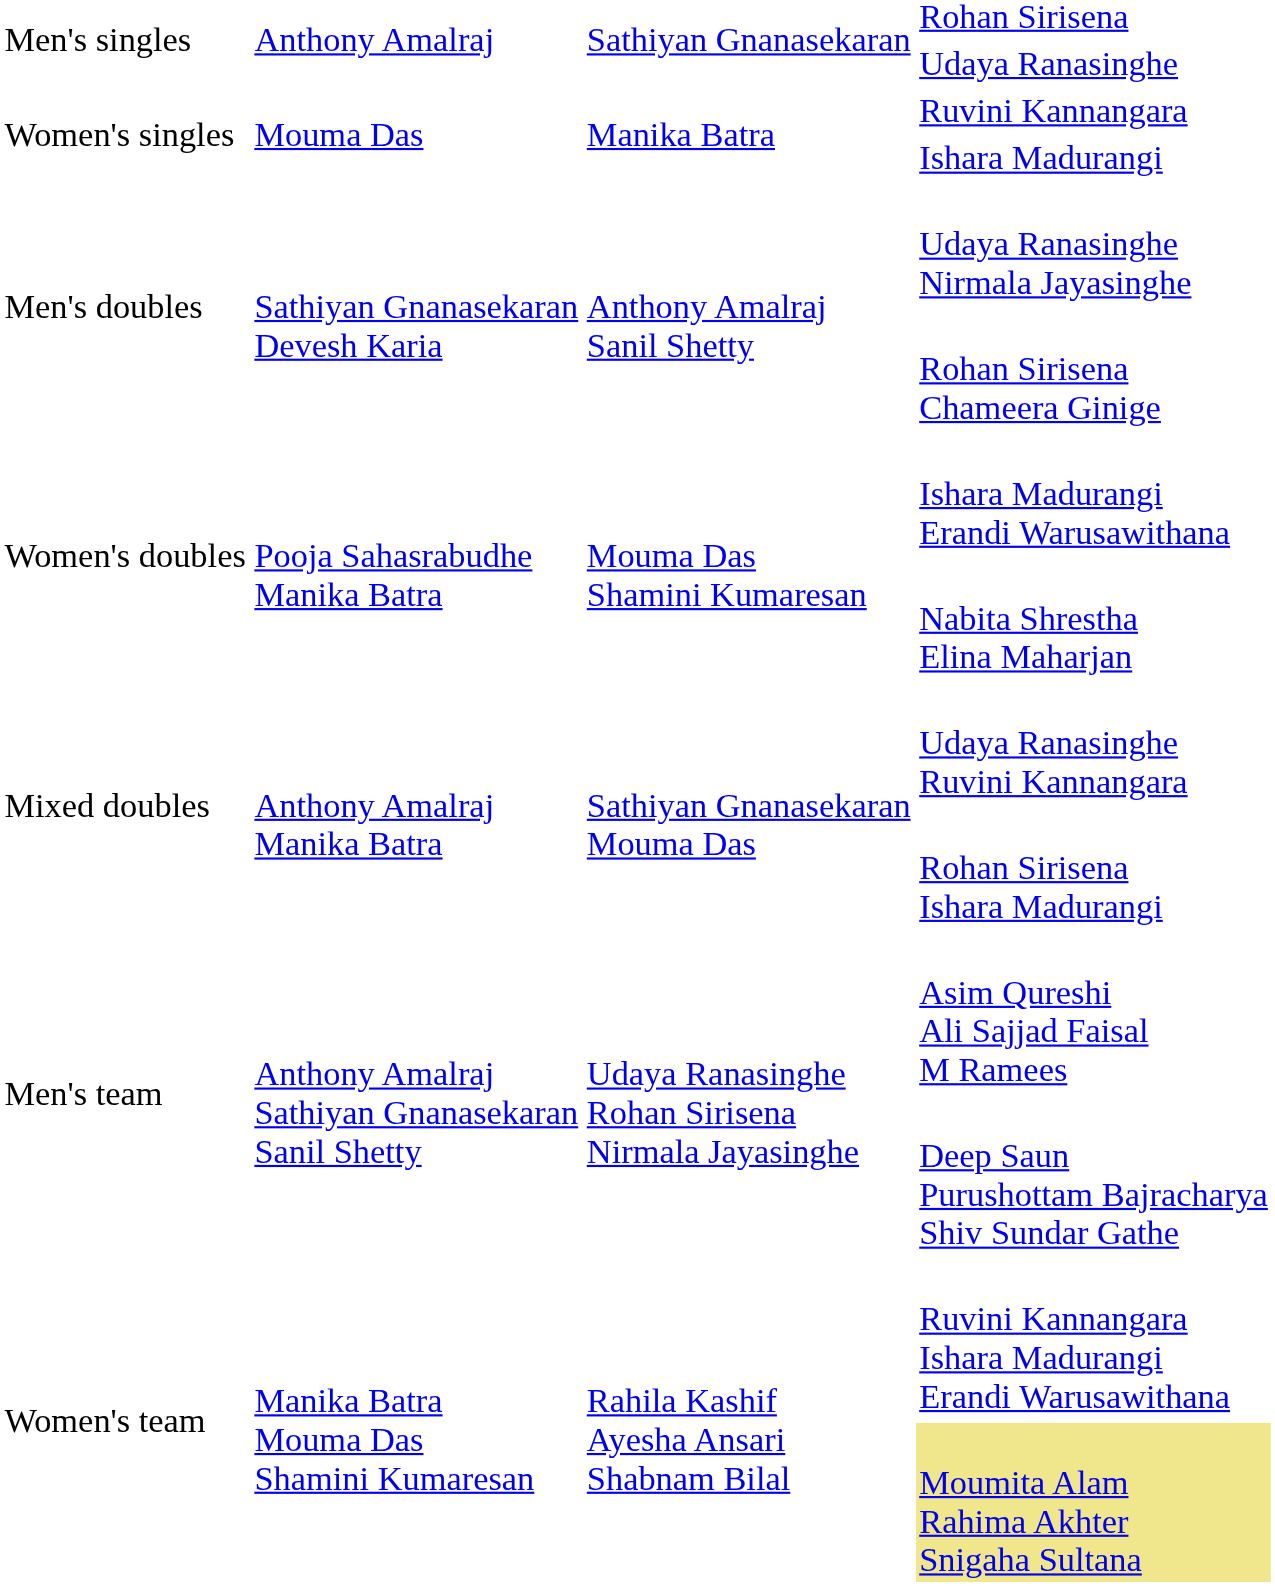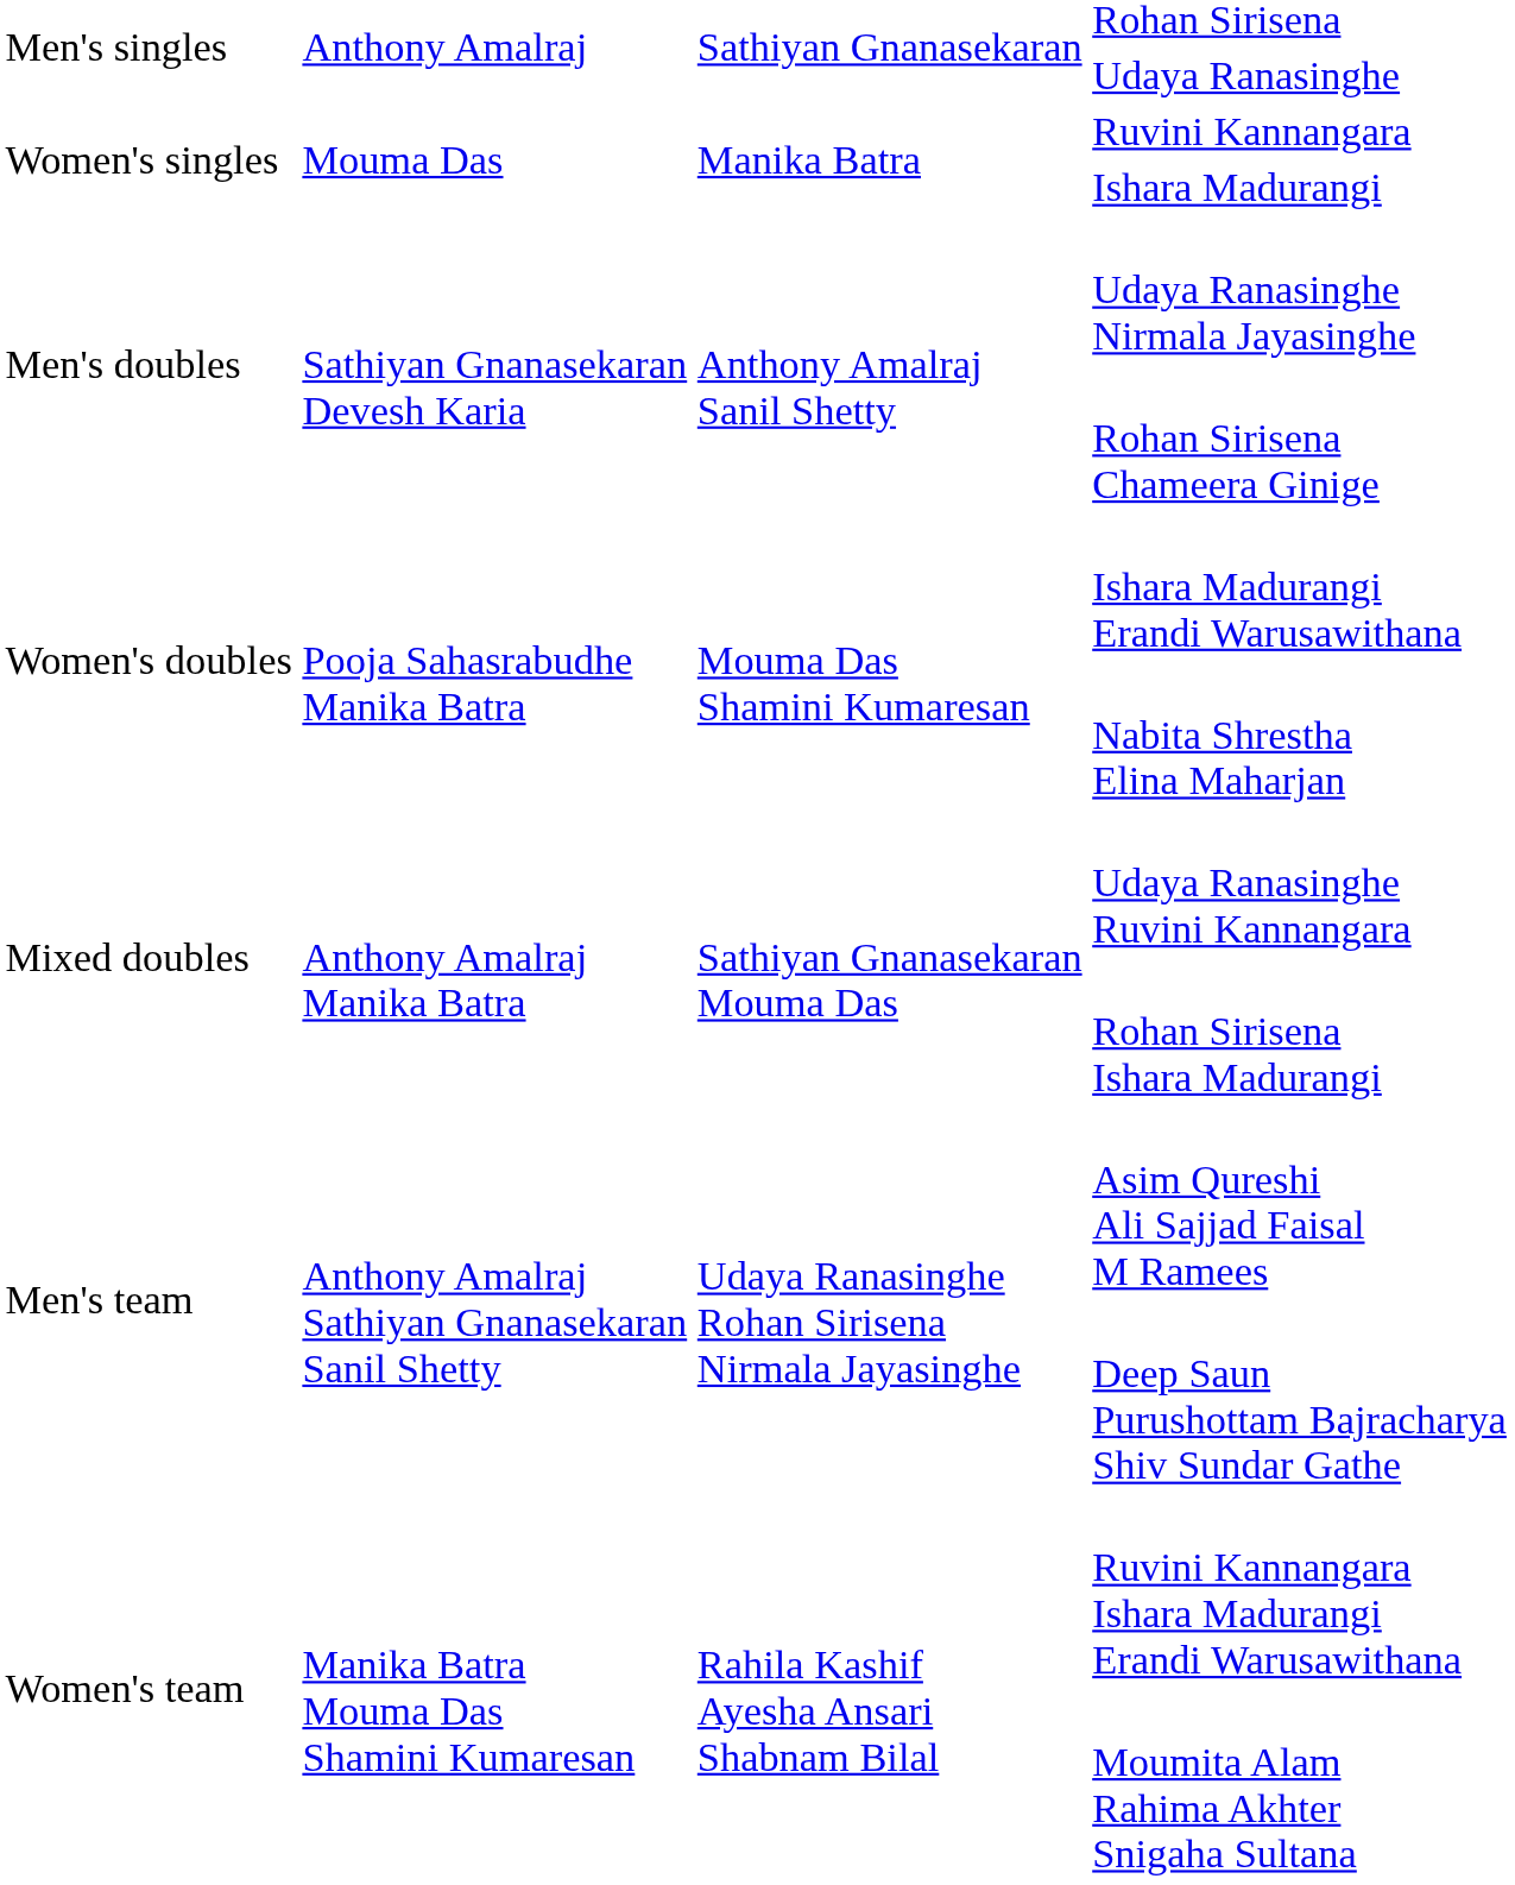 <table>
 <tr>
 <td rowspan=2>Men's singles</td>
 <td rowspan=2> <a href='#'>Anthony Amalraj</a></td>
 <td rowspan=2> <a href='#'>Sathiyan Gnanasekaran</a></td>
 <td> <a href='#'>Rohan Sirisena</a></td>
 </tr>
 <tr>
 <td> <a href='#'>Udaya Ranasinghe</a></td>
 </tr>
 <tr>
 <td rowspan=2>Women's singles</td>
 <td rowspan=2> <a href='#'>Mouma Das</a></td>
 <td rowspan=2> <a href='#'>Manika Batra</a></td>
 <td> <a href='#'>Ruvini Kannangara</a></td>
 </tr>
 <tr>
 <td> <a href='#'>Ishara Madurangi</a></td>
 </tr>
 <tr>
 <td rowspan=2>Men's doubles</td>
 <td rowspan=2><br><a href='#'>Sathiyan Gnanasekaran</a><br><a href='#'>Devesh Karia</a></td>
 <td rowspan=2><br><a href='#'>Anthony Amalraj</a><br><a href='#'>Sanil Shetty</a></td>
 <td><br><a href='#'>Udaya Ranasinghe</a><br><a href='#'>Nirmala Jayasinghe</a></td>
 </tr>
 <tr>
 <td><br><a href='#'>Rohan Sirisena</a><br><a href='#'>Chameera Ginige</a></td>
 </tr>
 <tr>
 <td rowspan=2>Women's doubles</td>
 <td rowspan=2><br><a href='#'>Pooja Sahasrabudhe</a><br><a href='#'>Manika Batra</a></td>
 <td rowspan=2><br><a href='#'>Mouma Das</a><br><a href='#'>Shamini Kumaresan</a></td>
 <td><br><a href='#'>Ishara Madurangi</a><br><a href='#'>Erandi Warusawithana</a></td>
 </tr>
 <tr>
 <td><br><a href='#'>Nabita Shrestha</a><br><a href='#'>Elina Maharjan</a></td>
 </tr>
 <tr>
 <td rowspan=2>Mixed doubles</td>
 <td rowspan=2><br><a href='#'>Anthony Amalraj</a><br><a href='#'>Manika Batra</a></td>
 <td rowspan=2><br><a href='#'>Sathiyan Gnanasekaran</a><br><a href='#'>Mouma Das</a></td>
 <td><br><a href='#'>Udaya Ranasinghe</a><br><a href='#'>Ruvini Kannangara</a></td>
 </tr>
 <tr>
 <td><br><a href='#'>Rohan Sirisena</a><br><a href='#'>Ishara Madurangi</a></td>
 </tr>
 <tr>
 <td rowspan=2>Men's team</td>
 <td rowspan=2><br><a href='#'>Anthony Amalraj</a><br><a href='#'>Sathiyan Gnanasekaran</a><br><a href='#'>Sanil Shetty</a></td>
 <td rowspan=2><br><a href='#'>Udaya Ranasinghe</a><br> <a href='#'>Rohan Sirisena</a><br><a href='#'>Nirmala Jayasinghe</a></td>
 <td><br><a href='#'>Asim Qureshi</a><br> <a href='#'>Ali Sajjad Faisal</a><br><a href='#'>M Ramees</a></td>
 </tr>
 <tr>
 <td><br><a href='#'>Deep Saun</a><br> <a href='#'>Purushottam Bajracharya</a><br><a href='#'>Shiv Sundar Gathe</a></td>
 </tr>
 <tr>
 <td rowspan=2>Women's team</td>
 <td rowspan=2><br><a href='#'>Manika Batra</a><br> <a href='#'>Mouma Das</a><br><a href='#'>Shamini Kumaresan</a></td>
 <td rowspan=2><br><a href='#'>Rahila Kashif</a><br> <a href='#'>Ayesha Ansari</a><br><a href='#'>Shabnam Bilal</a></td>
 <td><br><a href='#'>Ruvini Kannangara</a><br> <a href='#'>Ishara Madurangi</a><br><a href='#'>Erandi Warusawithana</a></td>
 </tr>
 <tr>
-<td style="background: khaki;"><br><a href='#'>Moumita Alam</a><br> <a href='#'>Rahima Akhter</a><br><a href='#'>Snigaha Sultana</a></td>
+<td><br><a href='#'>Moumita Alam</a><br> <a href='#'>Rahima Akhter</a><br><a href='#'>Snigaha Sultana</a></td>
 </tr>
 </table>
